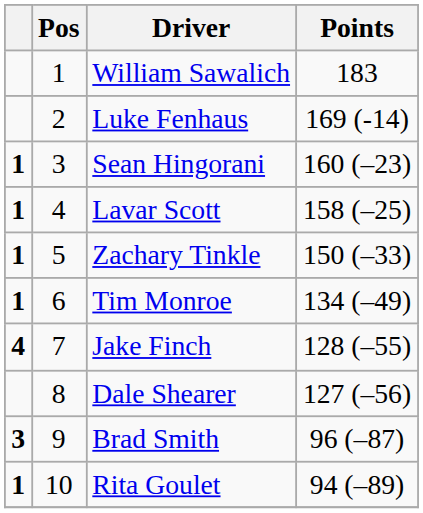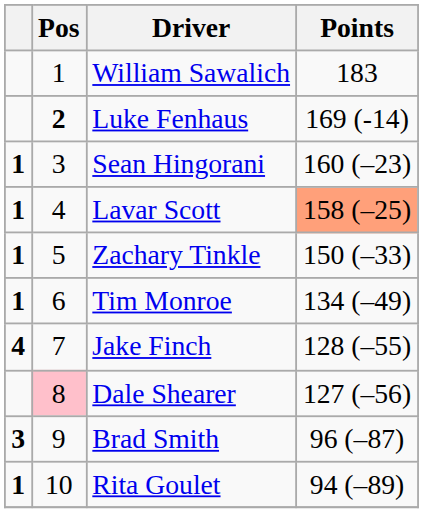 <table class="wikitable" style="font-size: 95%;">
 <tr>
 <th></th>
 <th>Pos</th>
 <th>Driver</th>
 <th>Points</th>
 </tr>
 <tr>
 <td align="left"></td>
 <td style="text-align:center;">1</td>
 <td><a href='#'>William Sawalich</a></td>
 <td style="text-align:center;">183</td>
 </tr>
 <tr>
 <td align="left"></td>
-<td style="text-align:center;">2</td>
+<td style="text-align:center;"><strong>2</strong></td>
 <td><a href='#'>Luke Fenhaus</a></td>
 <td style="text-align:center;">169 (-14)</td>
 </tr>
 <tr>
 <td align="left"> <strong>1</strong></td>
 <td style="text-align:center;">3</td>
 <td><a href='#'>Sean Hingorani</a></td>
 <td style="text-align:center;">160 (–23)</td>
 </tr>
 <tr>
 <td align="left"> <strong>1</strong></td>
 <td style="text-align:center;">4</td>
 <td><a href='#'>Lavar Scott</a></td>
-<td style="text-align:center;">158 (–25)</td>
+<td style="background: lightsalmon; text-align:center;">158 (–25)</td>
 </tr>
 <tr>
 <td align="left"> <strong>1</strong></td>
 <td style="text-align:center;">5</td>
 <td><a href='#'>Zachary Tinkle</a></td>
 <td style="text-align:center;">150 (–33)</td>
 </tr>
 <tr>
 <td align="left"> <strong>1</strong></td>
 <td style="text-align:center;">6</td>
 <td><a href='#'>Tim Monroe</a></td>
 <td style="text-align:center;">134 (–49)</td>
 </tr>
 <tr>
 <td align="left"> <strong>4</strong></td>
 <td style="text-align:center;">7</td>
 <td><a href='#'>Jake Finch</a></td>
 <td style="text-align:center;">128 (–55)</td>
 </tr>
 <tr>
 <td align="left"></td>
-<td style="text-align:center;">8</td>
+<td style="background: pink; text-align:center;">8</td>
 <td><a href='#'>Dale Shearer</a></td>
 <td style="text-align:center;">127 (–56)</td>
 </tr>
 <tr>
 <td align="left"> <strong>3</strong></td>
 <td style="text-align:center;">9</td>
 <td><a href='#'>Brad Smith</a></td>
 <td style="text-align:center;">96 (–87)</td>
 </tr>
 <tr>
 <td align="left"> <strong>1</strong></td>
 <td style="text-align:center;">10</td>
 <td><a href='#'>Rita Goulet</a></td>
 <td style="text-align:center;">94 (–89)</td>
 </tr>
 <tr class="sortbottom">
 </tr>
 </table>
